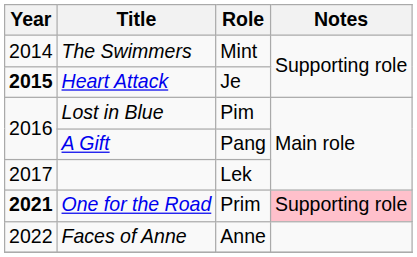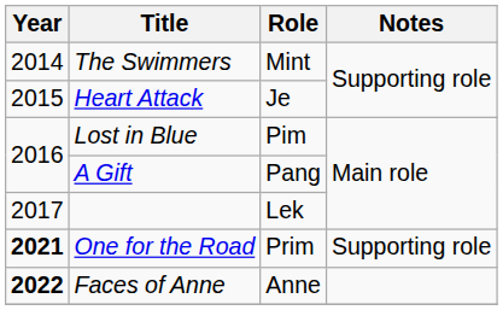 <table class="wikitable">
 <tr>
 <th>Year</th>
 <th>Title</th>
 <th>Role</th>
 <th>Notes</th>
 </tr>
 <tr>
 <td>2014</td>
 <td><em>The Swimmers</em></td>
 <td>Mint</td>
 <td rowspan="2">Supporting role</td>
 </tr>
 <tr>
-<td><strong>2015</strong></td>
+<td>2015</td>
 <td><em><a href='#'>Heart Attack</a></em></td>
 <td>Je</td>
 </tr>
 <tr>
 <td rowspan="2">2016</td>
 <td><em>Lost in Blue</em></td>
 <td>Pim</td>
 <td rowspan="3">Main role</td>
 </tr>
 <tr>
 <td><em><a href='#'>A Gift</a></em></td>
 <td>Pang</td>
 </tr>
 <tr>
 <td>2017</td>
 <td></td>
 <td>Lek</td>
 </tr>
 <tr>
 <td><strong>2021</strong></td>
 <td><em><a href='#'>One for the Road</a></em></td>
 <td>Prim</td>
-<td style="background: pink;">Supporting role</td>
+<td>Supporting role</td>
 </tr>
 <tr>
-<td>2022</td>
+<td><strong>2022</strong></td>
 <td><em>Faces of Anne</em></td>
 <td>Anne</td>
 <td></td>
 </tr>
 <tr>
 </tr>
 </table>
